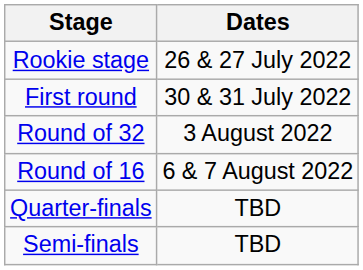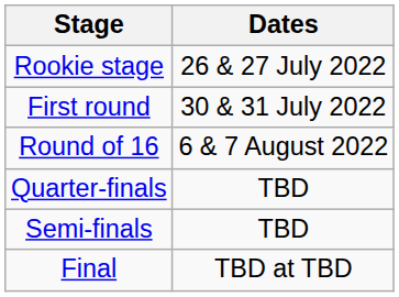 <table class=wikitable style="text-align: center">
 <tr>
 <th>Stage</th>
 <th>Dates</th>
 </tr>
 <tr>
 <td><a href='#'>Rookie stage</a></td>
 <td>26 & 27 July 2022</td>
 </tr>
 <tr>
 <td><a href='#'>First round</a></td>
 <td>30 & 31 July 2022</td>
 </tr>
 <tr>
-<td><a href='#'>Round of 32</a></td>
-<td>3 August 2022</td>
-</tr>
-<tr>
 <td><a href='#'>Round of 16</a></td>
 <td>6 & 7 August 2022</td>
 </tr>
 <tr>
 <td><a href='#'>Quarter-finals</a></td>
 <td>TBD</td>
 </tr>
 <tr>
 <td><a href='#'>Semi-finals</a></td>
 <td>TBD</td>
 </tr>
+<tr>
+<td><a href='#'>Final</a></td>
+<td>TBD at TBD</td>
+</tr>
 </table>
